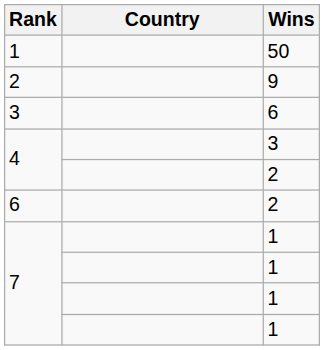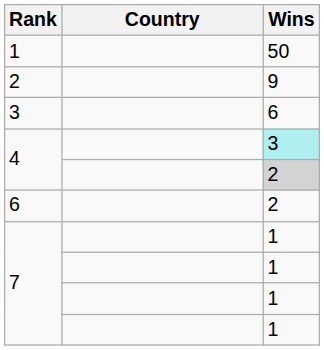 <table class="wikitable">
 <tr>
 <th style="width:18%;">Rank</th>
 <th style="width:64%;">Country</th>
 <th style="width:18%;">Wins</th>
 </tr>
 <tr>
 <td>1</td>
 <td></td>
 <td>50</td>
 </tr>
 <tr>
 <td>2</td>
 <td></td>
 <td>9</td>
 </tr>
 <tr>
 <td>3</td>
 <td></td>
 <td>6</td>
 </tr>
 <tr>
 <td rowspan=2>4</td>
 <td></td>
-<td>3</td>
+<td style="background: paleturquoise;">3</td>
 </tr>
 <tr>
 <td></td>
-<td>2</td>
+<td style="background: lightgrey;">2</td>
 </tr>
 <tr>
 <td>6</td>
 <td></td>
 <td>2</td>
 </tr>
 <tr>
 <td rowspan=4>7</td>
 <td></td>
 <td>1</td>
 </tr>
 <tr>
 <td></td>
 <td>1</td>
 </tr>
 <tr>
 <td></td>
 <td>1</td>
 </tr>
 <tr>
 <td></td>
 <td>1</td>
 </tr>
 </table>
